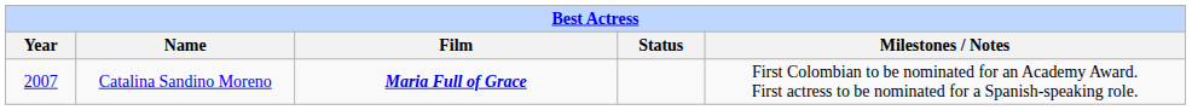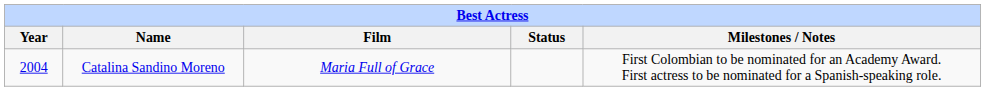 <table class="wikitable" style="text-align: center">
 <tr ---- bgcolor="#bfd7ff">
 <td colspan=6 align=center><strong><a href='#'>Best Actress</a></strong></td>
 </tr>
 <tr ---- bgcolor="#ebf5ff">
 <th width="60">Year</th>
 <th width="200">Name</th>
 <th width="300">Film</th>
 <th width="75">Status</th>
 <th width="450">Milestones / Notes</th>
 </tr>
 <tr>
-<td><a href='#'>2007</a></td>
+<td><a href='#'>2004</a></td>
 <td><a href='#'>Catalina Sandino Moreno</a></td>
-<td><strong><em><a href='#'>Maria Full of Grace</a></em></strong></td>
+<td><em><a href='#'>Maria Full of Grace</a></em></td>
 <td></td>
 <td>First Colombian to be nominated for an Academy Award.<br>First actress to be nominated for a Spanish-speaking role.</td>
 </tr>
 </table>
